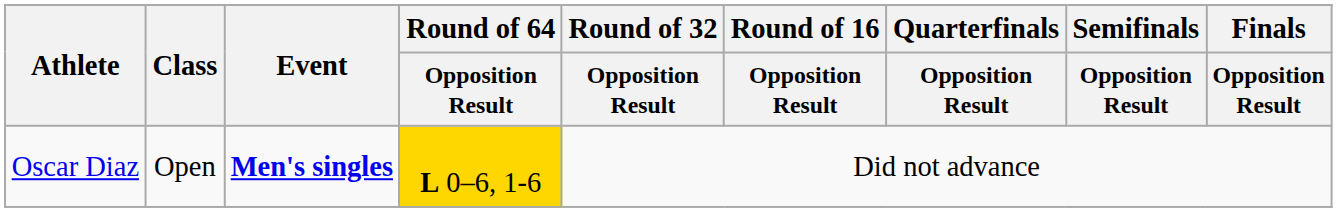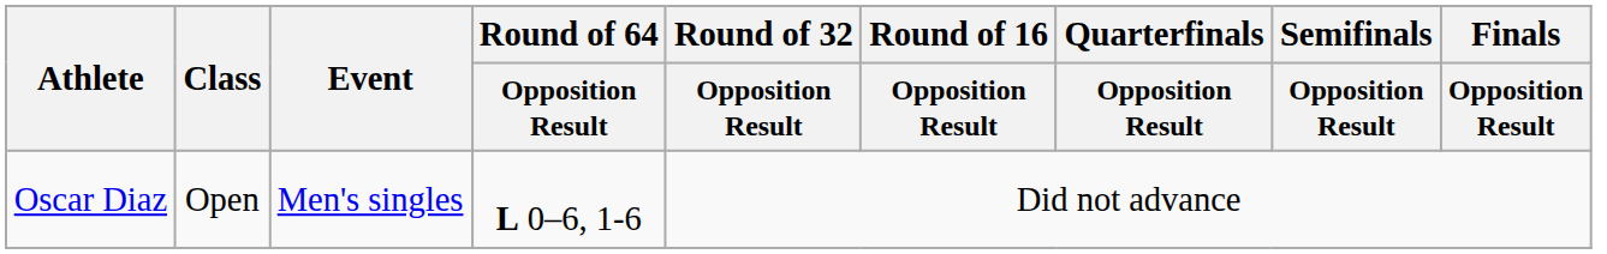 <table class=wikitable style="font-size:90%">
 <tr>
 <th rowspan="2">Athlete</th>
 <th rowspan="2">Class</th>
 <th rowspan="2">Event</th>
 <th>Round of 64</th>
 <th>Round of 32</th>
 <th>Round of 16</th>
 <th>Quarterfinals</th>
 <th>Semifinals</th>
 <th>Finals</th>
 </tr>
 <tr>
 <th style="line-height:1em"><small>Opposition<br>Result</small></th>
 <th style="line-height:1em"><small>Opposition<br>Result</small></th>
 <th style="line-height:1em"><small>Opposition<br>Result</small></th>
 <th style="line-height:1em"><small>Opposition<br>Result</small></th>
 <th style="line-height:1em"><small>Opposition<br>Result</small></th>
 <th style="line-height:1em"><small>Opposition<br>Result</small></th>
 </tr>
 <tr>
 <td><a href='#'>Oscar Diaz</a></td>
 <td style="text-align:center;">Open</td>
-<td><strong><a href='#'>Men's singles</a></strong></td>
-<td style="background: gold; text-align:center;"><br><strong>L</strong> 0–6, 1-6</td>
+<td><a href='#'>Men's singles</a></td>
+<td style="text-align:center;"><br><strong>L</strong> 0–6, 1-6</td>
 <td style="text-align:center;" colspan="5">Did not advance</td>
 </tr>
 </table>
